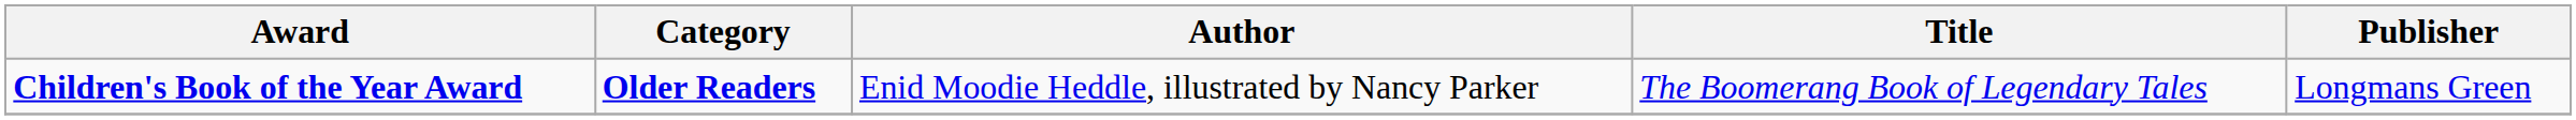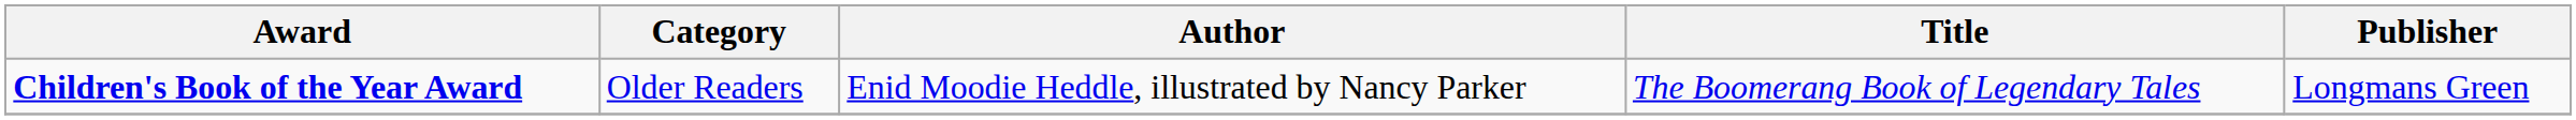 <table class="wikitable" width=95%>
 <tr>
 <th>Award</th>
 <th>Category</th>
 <th>Author</th>
 <th>Title</th>
 <th>Publisher</th>
 </tr>
 <tr>
 <td><strong><a href='#'>Children's Book of the Year Award</a></strong></td>
-<td><strong><a href='#'>Older Readers</a></strong></td>
+<td><a href='#'>Older Readers</a></td>
 <td><a href='#'>Enid Moodie Heddle</a>, illustrated by Nancy Parker</td>
 <td><em><a href='#'>The Boomerang Book of Legendary Tales</a></em></td>
 <td><a href='#'>Longmans Green</a></td>
 </tr>
 <tr>
 </tr>
 </table>
